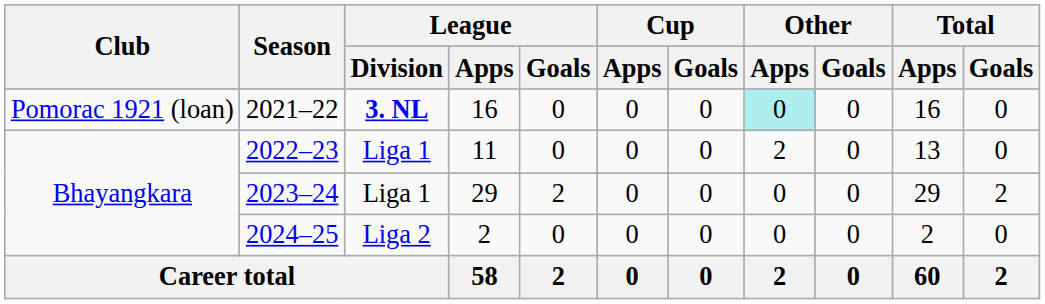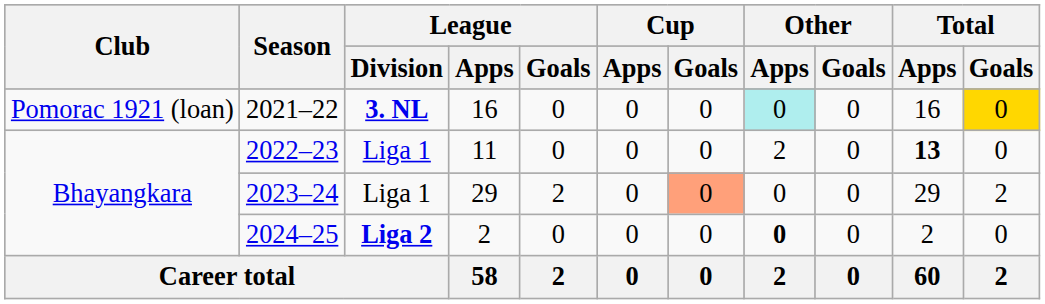 <table class="wikitable" style="text-align: center">
 <tr>
 <th rowspan="2">Club</th>
 <th rowspan="2">Season</th>
 <th colspan="3">League</th>
 <th colspan="2">Cup</th>
 <th colspan="2">Other</th>
 <th colspan="2">Total</th>
 </tr>
 <tr>
 <th>Division</th>
 <th>Apps</th>
 <th>Goals</th>
 <th>Apps</th>
 <th>Goals</th>
 <th>Apps</th>
 <th>Goals</th>
 <th>Apps</th>
 <th>Goals</th>
 </tr>
 <tr>
 <td rowspan="1"><a href='#'>Pomorac 1921</a> (loan)</td>
 <td>2021–22</td>
 <td rowspan="1" valign="center"><strong><a href='#'>3. NL</a></strong></td>
 <td>16</td>
 <td>0</td>
 <td>0</td>
 <td>0</td>
 <td style="background: paleturquoise;">0</td>
 <td>0</td>
 <td>16</td>
-<td>0</td>
+<td style="background: gold;">0</td>
 </tr>
 <tr>
 <td rowspan="3"><a href='#'>Bhayangkara</a></td>
 <td><a href='#'>2022–23</a></td>
 <td rowspan="1" valign="center"><a href='#'>Liga 1</a></td>
 <td>11</td>
 <td>0</td>
 <td>0</td>
 <td>0</td>
 <td>2</td>
 <td>0</td>
-<td>13</td>
+<td><strong>13</strong></td>
 <td>0</td>
 </tr>
 <tr>
 <td><a href='#'>2023–24</a></td>
 <td rowspan="1">Liga 1</td>
 <td>29</td>
 <td>2</td>
 <td>0</td>
-<td>0</td>
+<td style="background: lightsalmon;">0</td>
 <td>0</td>
 <td>0</td>
 <td>29</td>
 <td>2</td>
 </tr>
 <tr>
 <td><a href='#'>2024–25</a></td>
-<td><a href='#'>Liga 2</a></td>
+<td><strong><a href='#'>Liga 2</a></strong></td>
 <td>2</td>
 <td>0</td>
 <td>0</td>
 <td>0</td>
-<td>0</td>
+<td><strong>0</strong></td>
 <td>0</td>
 <td>2</td>
 <td>0</td>
 </tr>
 <tr>
 <th colspan=3>Career total</th>
 <th>58</th>
 <th>2</th>
 <th>0</th>
 <th>0</th>
 <th>2</th>
 <th>0</th>
 <th>60</th>
 <th>2</th>
 </tr>
 </table>
